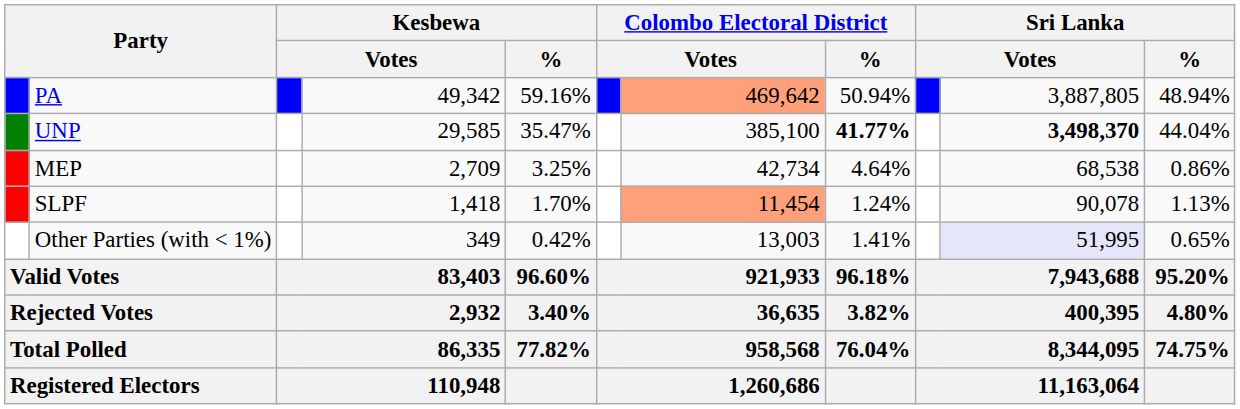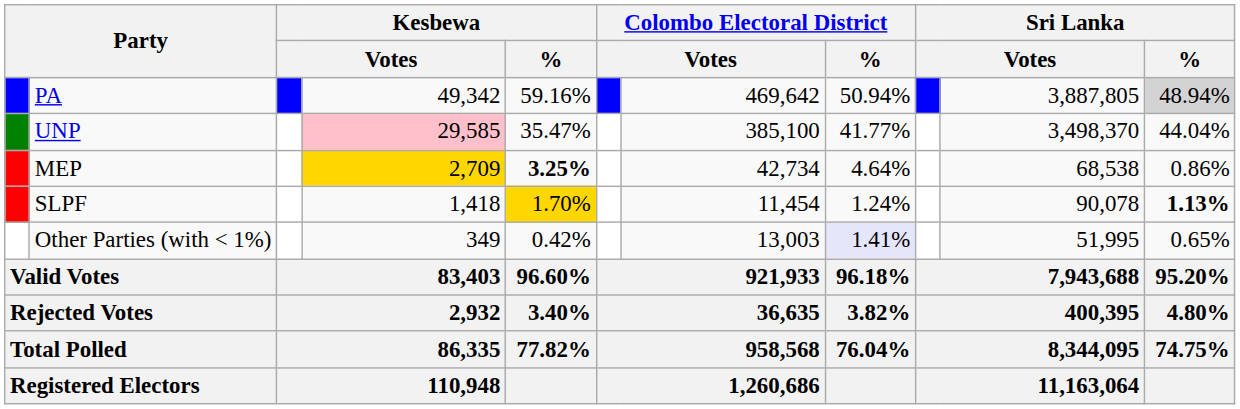 <table class="wikitable">
 <tr>
 <th colspan="2" width="144px"rowspan="2">Party</th>
 <th colspan="3" width="216px">Kesbewa</th>
 <th colspan="3" width="216px"><a href='#'>Colombo Electoral District</a></th>
 <th colspan="3" width="216px">Sri Lanka</th>
 </tr>
 <tr>
 <th colspan="2" width="144px">Votes</th>
 <th>%</th>
 <th colspan="2" width="144px">Votes</th>
 <th>%</th>
 <th colspan="2" width="144px">Votes</th>
 <th>%</th>
 </tr>
 <tr>
 <td style="background-color:blue;" width="10px"></td>
 <td style="text-align:left;"><a href='#'>PA</a></td>
 <td style="background-color:blue;" width="10px"></td>
 <td style="text-align:right;">49,342</td>
 <td style="text-align:right;">59.16%</td>
 <td style="background-color:blue;" width="10px"></td>
-<td style="background: lightsalmon; text-align:right;">469,642</td>
+<td style="text-align:right;">469,642</td>
 <td style="text-align:right;">50.94%</td>
 <td style="background-color:blue;" width="10px"></td>
 <td style="text-align:right;">3,887,805</td>
-<td style="text-align:right;">48.94%</td>
+<td style="background: lightgrey; text-align:right;">48.94%</td>
 </tr>
 <tr>
 <td style="background-color:green;" width="10px"></td>
 <td style="text-align:left;"><a href='#'>UNP</a></td>
 <td style="background-color:white;" width="10px"></td>
-<td style="text-align:right;">29,585</td>
+<td style="background: pink; text-align:right;">29,585</td>
 <td style="text-align:right;">35.47%</td>
 <td style="background-color:white;" width="10px"></td>
 <td style="text-align:right;">385,100</td>
-<td style="text-align:right;"><strong>41.77%</strong></td>
+<td style="text-align:right;">41.77%</td>
 <td style="background-color:white;" width="10px"></td>
-<td style="text-align:right;"><strong>3,498,370</strong></td>
+<td style="text-align:right;">3,498,370</td>
 <td style="text-align:right;">44.04%</td>
 </tr>
 <tr>
 <td style="background-color:red;" width="10px"></td>
 <td style="text-align:left;">MEP</td>
 <td style="background-color:white;" width="10px"></td>
-<td style="text-align:right;">2,709</td>
-<td style="text-align:right;">3.25%</td>
+<td style="background: gold; text-align:right;">2,709</td>
+<td style="text-align:right;"><strong>3.25%</strong></td>
 <td style="background-color:white;" width="10px"></td>
 <td style="text-align:right;">42,734</td>
 <td style="text-align:right;">4.64%</td>
 <td style="background-color:white;" width="10px"></td>
 <td style="text-align:right;">68,538</td>
 <td style="text-align:right;">0.86%</td>
 </tr>
 <tr>
 <td style="background-color:red;" width="10px"></td>
 <td style="text-align:left;">SLPF</td>
 <td style="background-color:white;" width="10px"></td>
 <td style="text-align:right;">1,418</td>
-<td style="text-align:right;">1.70%</td>
+<td style="background: gold; text-align:right;">1.70%</td>
 <td style="background-color:white;" width="10px"></td>
-<td style="background: lightsalmon; text-align:right;">11,454</td>
+<td style="text-align:right;">11,454</td>
 <td style="text-align:right;">1.24%</td>
 <td style="background-color:white;" width="10px"></td>
 <td style="text-align:right;">90,078</td>
-<td style="text-align:right;">1.13%</td>
+<td style="text-align:right;"><strong>1.13%</strong></td>
 </tr>
 <tr>
 <td style="background-color:white;" width="10px"></td>
 <td style="text-align:left;">Other Parties (with < 1%)</td>
 <td style="background-color:white;" width="10px"></td>
 <td style="text-align:right;">349</td>
 <td style="text-align:right;">0.42%</td>
 <td style="background-color:white;" width="10px"></td>
 <td style="text-align:right;">13,003</td>
-<td style="text-align:right;">1.41%</td>
+<td style="background: lavender; text-align:right;">1.41%</td>
 <td style="background-color:white;" width="10px"></td>
-<td style="background: lavender; text-align:right;">51,995</td>
+<td style="text-align:right;">51,995</td>
 <td style="text-align:right;">0.65%</td>
 </tr>
 <tr>
 <th colspan="2" width="144px"style="text-align:left;">Valid Votes</th>
 <th style="text-align:right;"colspan="2" width="144px">83,403</th>
 <th style="text-align:right;">96.60%</th>
 <th style="text-align:right;"colspan="2" width="144px">921,933</th>
 <th style="text-align:right;">96.18%</th>
 <th style="text-align:right;"colspan="2" width="144px">7,943,688</th>
 <th style="text-align:right;">95.20%</th>
 </tr>
 <tr>
 <th colspan="2" width="144px"style="text-align:left;">Rejected Votes</th>
 <th style="text-align:right;"colspan="2" width="144px">2,932</th>
 <th style="text-align:right;">3.40%</th>
 <th style="text-align:right;"colspan="2" width="144px">36,635</th>
 <th style="text-align:right;">3.82%</th>
 <th style="text-align:right;"colspan="2" width="144px">400,395</th>
 <th style="text-align:right;">4.80%</th>
 </tr>
 <tr>
 <th colspan="2" width="144px"style="text-align:left;">Total Polled</th>
 <th style="text-align:right;"colspan="2" width="144px">86,335</th>
 <th style="text-align:right;">77.82%</th>
 <th style="text-align:right;"colspan="2" width="144px">958,568</th>
 <th style="text-align:right;">76.04%</th>
 <th style="text-align:right;"colspan="2" width="144px">8,344,095</th>
 <th style="text-align:right;">74.75%</th>
 </tr>
 <tr>
 <th colspan="2" width="144px"style="text-align:left;">Registered Electors</th>
 <th style="text-align:right;"colspan="2" width="144px">110,948</th>
 <th></th>
 <th style="text-align:right;"colspan="2" width="144px">1,260,686</th>
 <th></th>
 <th style="text-align:right;"colspan="2" width="144px">11,163,064</th>
 <th></th>
 </tr>
 </table>
